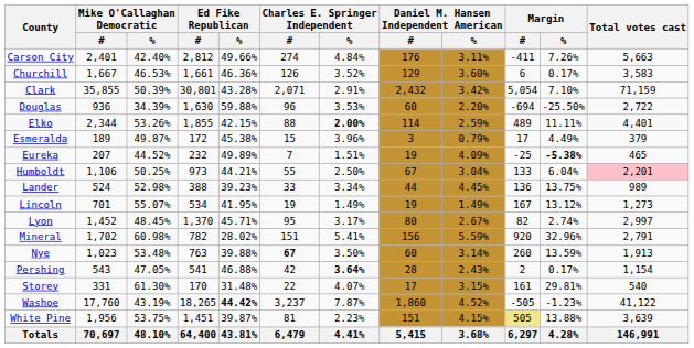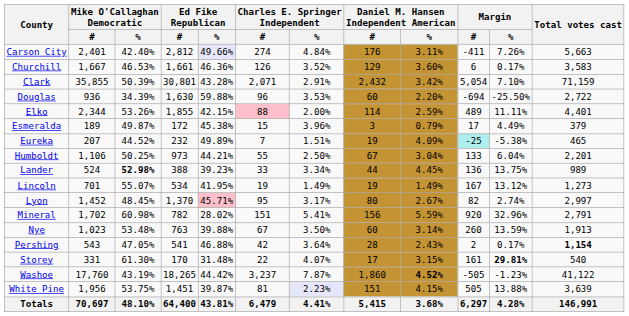 <table class="wikitable sortable" style="text-align:center">
 <tr>
 <th rowspan="2">County</th>
 <th style="text-align:center;" colspan="2">Mike O'Callaghan<br>Democratic</th>
 <th style="text-align:center;" colspan="2">Ed Fike<br>Republican</th>
 <th style="text-align:center;" colspan="2">Charles E. Springer<br>Independent</th>
 <th style="text-align:center;" colspan="2">Daniel M. Hansen<br>Independent American</th>
 <th style="text-align:center;" colspan="2">Margin</th>
 <th style="text-align:center;" rowspan="2">Total votes cast</th>
 </tr>
 <tr>
 <th style="text-align:center;" data-sort-type="number">#</th>
 <th style="text-align:center;" data-sort-type="number">%</th>
 <th style="text-align:center;" data-sort-type="number">#</th>
 <th style="text-align:center;" data-sort-type="number">%</th>
 <th style="text-align:center;" data-sort-type="number">#</th>
 <th style="text-align:center;" data-sort-type="number">%</th>
 <th style="text-align:center;" data-sort-type="number">#</th>
 <th style="text-align:center;" data-sort-type="number">%</th>
 <th style="text-align:center;" data-sort-type="number">#</th>
 <th style="text-align:center;" data-sort-type="number">%</th>
 </tr>
 <tr style="text-align:center;">
 <td><a href='#'>Carson City</a></td>
 <td>2,401</td>
 <td>42.40%</td>
 <td>2,812</td>
-<td>49.66%</td>
+<td style="background: lavender;">49.66%</td>
 <td>274</td>
 <td>4.84%</td>
 <td bgcolor="#c49334">176</td>
 <td bgcolor="#c49334">3.11%</td>
 <td>-411</td>
 <td>7.26%</td>
 <td>5,663</td>
 </tr>
 <tr style="text-align:center;">
 <td><a href='#'>Churchill</a></td>
 <td>1,667</td>
 <td>46.53%</td>
 <td>1,661</td>
 <td>46.36%</td>
 <td>126</td>
 <td>3.52%</td>
 <td bgcolor="#c49334">129</td>
 <td bgcolor="#c49334">3.60%</td>
 <td>6</td>
 <td>0.17%</td>
 <td>3,583</td>
 </tr>
 <tr style="text-align:center;">
 <td><a href='#'>Clark</a></td>
 <td>35,855</td>
 <td>50.39%</td>
 <td>30,801</td>
 <td>43.28%</td>
 <td>2,071</td>
 <td>2.91%</td>
 <td bgcolor="#c49334">2,432</td>
 <td bgcolor="#c49334">3.42%</td>
 <td>5,054</td>
 <td>7.10%</td>
 <td>71,159</td>
 </tr>
 <tr style="text-align:center;">
 <td><a href='#'>Douglas</a></td>
 <td>936</td>
 <td>34.39%</td>
 <td>1,630</td>
 <td>59.88%</td>
 <td>96</td>
 <td>3.53%</td>
 <td bgcolor="#c49334">60</td>
 <td bgcolor="#c49334">2.20%</td>
 <td>-694</td>
 <td>-25.50%</td>
 <td>2,722</td>
 </tr>
 <tr style="text-align:center;">
 <td><a href='#'>Elko</a></td>
 <td>2,344</td>
 <td>53.26%</td>
 <td>1,855</td>
 <td>42.15%</td>
-<td>88</td>
-<td><strong>2.00%</strong></td>
+<td style="background: pink;">88</td>
+<td>2.00%</td>
 <td bgcolor="#c49334">114</td>
 <td bgcolor="#c49334">2.59%</td>
 <td>489</td>
 <td>11.11%</td>
 <td>4,401</td>
 </tr>
 <tr style="text-align:center;">
 <td><a href='#'>Esmeralda</a></td>
 <td>189</td>
 <td>49.87%</td>
 <td>172</td>
 <td>45.38%</td>
 <td>15</td>
 <td>3.96%</td>
 <td bgcolor="#c49334">3</td>
 <td bgcolor="#c49334">0.79%</td>
 <td>17</td>
 <td>4.49%</td>
 <td>379</td>
 </tr>
 <tr style="text-align:center;">
 <td><a href='#'>Eureka</a></td>
 <td>207</td>
 <td>44.52%</td>
 <td>232</td>
 <td>49.89%</td>
 <td>7</td>
 <td>1.51%</td>
 <td bgcolor="#c49334">19</td>
 <td bgcolor="#c49334">4.09%</td>
-<td>-25</td>
-<td><strong>-5.38%</strong></td>
+<td style="background: paleturquoise;">-25</td>
+<td>-5.38%</td>
 <td>465</td>
 </tr>
 <tr style="text-align:center;">
 <td><a href='#'>Humboldt</a></td>
 <td>1,106</td>
 <td>50.25%</td>
 <td>973</td>
 <td>44.21%</td>
 <td>55</td>
 <td>2.50%</td>
 <td bgcolor="#c49334">67</td>
 <td bgcolor="#c49334">3.04%</td>
 <td>133</td>
 <td>6.04%</td>
-<td style="background: pink;">2,201</td>
+<td>2,201</td>
 </tr>
 <tr style="text-align:center;">
 <td><a href='#'>Lander</a></td>
 <td>524</td>
-<td>52.98%</td>
+<td><strong>52.98%</strong></td>
 <td>388</td>
 <td>39.23%</td>
 <td>33</td>
 <td>3.34%</td>
 <td bgcolor="#c49334">44</td>
 <td bgcolor="#c49334">4.45%</td>
 <td>136</td>
 <td>13.75%</td>
 <td>989</td>
 </tr>
 <tr style="text-align:center;">
 <td><a href='#'>Lincoln</a></td>
 <td>701</td>
 <td>55.07%</td>
 <td>534</td>
 <td>41.95%</td>
 <td>19</td>
 <td>1.49%</td>
 <td bgcolor="#c49334">19</td>
 <td bgcolor="#c49334">1.49%</td>
 <td>167</td>
 <td>13.12%</td>
 <td>1,273</td>
 </tr>
 <tr style="text-align:center;">
 <td><a href='#'>Lyon</a></td>
 <td>1,452</td>
 <td>48.45%</td>
 <td>1,370</td>
-<td>45.71%</td>
+<td style="background: pink;">45.71%</td>
 <td>95</td>
 <td>3.17%</td>
 <td bgcolor="#c49334">80</td>
 <td bgcolor="#c49334">2.67%</td>
 <td>82</td>
 <td>2.74%</td>
 <td>2,997</td>
 </tr>
 <tr style="text-align:center;">
 <td><a href='#'>Mineral</a></td>
 <td>1,702</td>
 <td>60.98%</td>
 <td>782</td>
 <td>28.02%</td>
 <td>151</td>
 <td>5.41%</td>
 <td bgcolor="#c49334">156</td>
 <td bgcolor="#c49334">5.59%</td>
 <td>920</td>
 <td>32.96%</td>
 <td>2,791</td>
 </tr>
 <tr style="text-align:center;">
 <td><a href='#'>Nye</a></td>
 <td>1,023</td>
 <td>53.48%</td>
 <td>763</td>
 <td>39.88%</td>
-<td><strong>67</strong></td>
+<td>67</td>
 <td>3.50%</td>
 <td bgcolor="#c49334">60</td>
 <td bgcolor="#c49334">3.14%</td>
 <td>260</td>
 <td>13.59%</td>
 <td>1,913</td>
 </tr>
 <tr style="text-align:center;">
 <td><a href='#'>Pershing</a></td>
 <td>543</td>
 <td>47.05%</td>
 <td>541</td>
 <td>46.88%</td>
 <td>42</td>
-<td><strong>3.64%</strong></td>
+<td>3.64%</td>
 <td bgcolor="#c49334">28</td>
 <td bgcolor="#c49334">2.43%</td>
 <td>2</td>
 <td>0.17%</td>
-<td>1,154</td>
+<td><strong>1,154</strong></td>
 </tr>
 <tr style="text-align:center;">
 <td><a href='#'>Storey</a></td>
 <td>331</td>
 <td>61.30%</td>
 <td>170</td>
 <td>31.48%</td>
 <td>22</td>
 <td>4.07%</td>
 <td bgcolor="#c49334">17</td>
 <td bgcolor="#c49334">3.15%</td>
 <td>161</td>
-<td>29.81%</td>
+<td><strong>29.81%</strong></td>
 <td>540</td>
 </tr>
 <tr style="text-align:center;">
 <td><a href='#'>Washoe</a></td>
 <td>17,760</td>
 <td>43.19%</td>
 <td>18,265</td>
-<td><strong>44.42%</strong></td>
+<td>44.42%</td>
 <td>3,237</td>
 <td>7.87%</td>
 <td bgcolor="#c49334">1,860</td>
-<td bgcolor="#c49334">4.52%</td>
+<td bgcolor="#c49334"><strong>4.52%</strong></td>
 <td>-505</td>
 <td>-1.23%</td>
 <td>41,122</td>
 </tr>
 <tr style="text-align:center;">
 <td><a href='#'>White Pine</a></td>
 <td>1,956</td>
 <td>53.75%</td>
 <td>1,451</td>
 <td>39.87%</td>
 <td>81</td>
-<td>2.23%</td>
+<td style="background: lavender;">2.23%</td>
 <td bgcolor="#c49334">151</td>
 <td bgcolor="#c49334">4.15%</td>
-<td style="background: khaki;">505</td>
+<td>505</td>
 <td>13.88%</td>
 <td>3,639</td>
 </tr>
 <tr style="text-align:center;">
 <th>Totals</th>
 <th>70,697</th>
 <th>48.10%</th>
 <th>64,400</th>
 <th>43.81%</th>
 <th>6,479</th>
 <th>4.41%</th>
 <th>5,415</th>
 <th>3.68%</th>
 <th>6,297</th>
 <th>4.28%</th>
 <th>146,991</th>
 </tr>
 </table>
